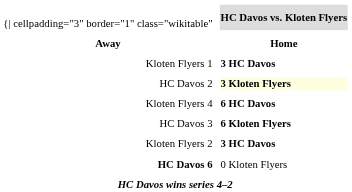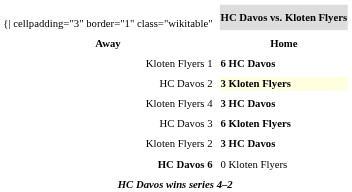 <table cellspacing="10">
 <tr>
 <td valign="top"><br>	{| cellpadding="3" border="1"  class="wikitable"</td>
 <th bgcolor="#DDDDDD" colspan="4">HC Davos vs. Kloten Flyers</th>
 </tr>
 <tr>
 <th>Away</th>
 <th>Home</th>
 </tr>
 <tr>
 <td align = "right">Kloten Flyers 1</td>
-<td><strong>3 HC Davos</strong></td>
+<td><strong>6 HC Davos</strong></td>
 </tr>
 <tr>
 <td align = "right">HC Davos 2</td>
 <td style="background: lightyellow;"><strong>3 Kloten Flyers</strong></td>
 </tr>
 <tr>
 <td align = "right">Kloten Flyers 4</td>
-<td><strong>6 HC Davos</strong></td>
+<td><strong>3 HC Davos</strong></td>
 </tr>
 <tr>
 <td align = "right">HC Davos 3</td>
 <td><strong>6 Kloten Flyers</strong></td>
 </tr>
 <tr>
 <td align = "right">Kloten Flyers 2</td>
 <td><strong>3 HC Davos</strong></td>
 </tr>
 <tr>
 <td align = "right"><strong>HC Davos 6</strong></td>
 <td>0 Kloten Flyers</td>
 </tr>
 <tr align="center">
 <td colspan="4"><strong><em>HC Davos wins series 4–2</em></strong></td>
 </tr>
 </table>
